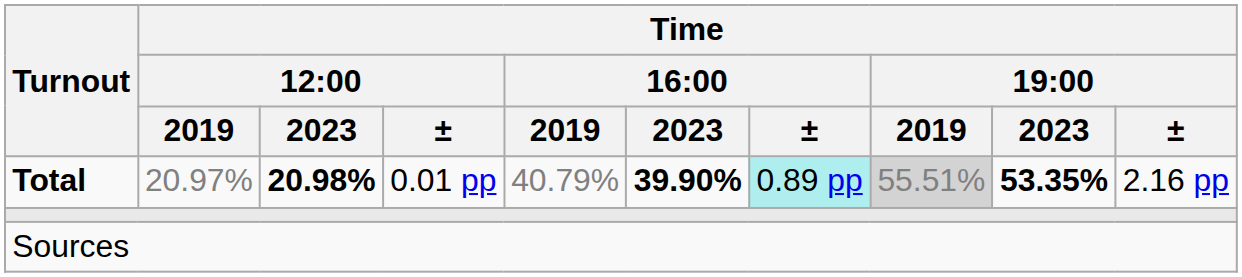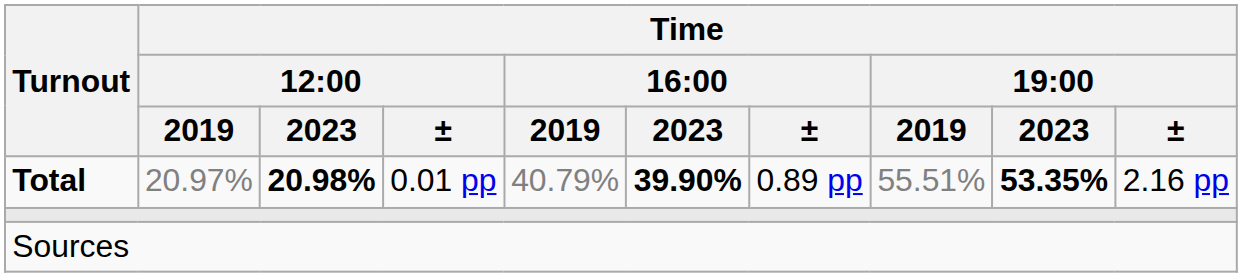 <table class="wikitable sortable" style="text-align:right;">
 <tr>
 <th rowspan="3">Turnout</th>
 <th colspan="9">Time</th>
 </tr>
 <tr>
 <th colspan="3">12:00</th>
 <th colspan="3">16:00</th>
 <th colspan="3">19:00</th>
 </tr>
 <tr>
 <th>2019</th>
 <th>2023</th>
 <th>±</th>
 <th>2019</th>
 <th>2023</th>
 <th>±</th>
 <th>2019</th>
 <th>2023</th>
 <th>±</th>
 </tr>
 <tr>
 <td align="left"><strong>Total</strong></td>
 <td style="color:gray;">20.97%</td>
 <td><strong>20.98%</strong></td>
 <td> 0.01 <a href='#'>pp</a></td>
 <td style="color:gray;">40.79%</td>
 <td><strong>39.90%</strong></td>
-<td style="background: paleturquoise;"> 0.89 <a href='#'>pp</a></td>
-<td style="background: lightgrey; color:gray;">55.51%</td>
+<td> 0.89 <a href='#'>pp</a></td>
+<td style="color:gray;">55.51%</td>
 <td><strong>53.35%</strong></td>
 <td> 2.16 <a href='#'>pp</a></td>
 </tr>
 <tr>
 <td colspan="10" bgcolor="#E9E9E9"></td>
 </tr>
 <tr>
 <td align="left" colspan="10">Sources</td>
 </tr>
 </table>
